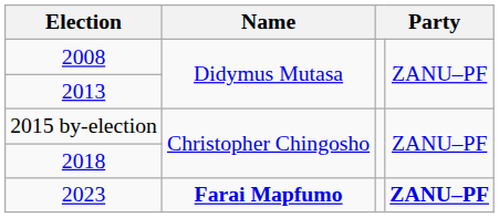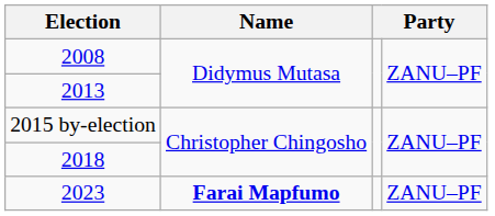 <table class="wikitable" style="text-align:center">
 <tr>
 <th>Election</th>
 <th>Name</th>
 <th colspan="2">Party</th>
 </tr>
 <tr>
 <td><a href='#'>2008</a></td>
 <td rowspan="2"><a href='#'>Didymus Mutasa</a></td>
 <td rowspan="2" style="background-color: "></td>
 <td rowspan="2"><a href='#'>ZANU–PF</a></td>
 </tr>
 <tr>
 <td><a href='#'>2013</a></td>
 </tr>
 <tr>
 <td>2015 by-election</td>
 <td rowspan="2"><a href='#'>Christopher Chingosho</a></td>
 <td rowspan="2" style="background-color: "></td>
 <td rowspan="2"><a href='#'>ZANU–PF</a></td>
 </tr>
 <tr>
 <td><a href='#'>2018</a></td>
 </tr>
 <tr>
 <td><a href='#'>2023</a></td>
 <td><strong><a href='#'>Farai Mapfumo</a></strong></td>
 <td style="background-color: "></td>
-<td><strong><a href='#'>ZANU–PF</a></strong></td>
+<td><a href='#'>ZANU–PF</a></td>
 </tr>
 </table>
